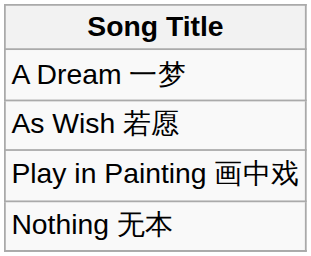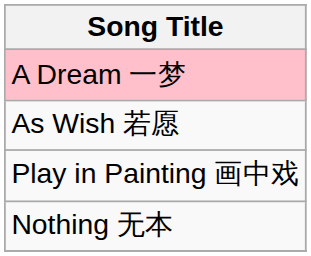 <table class="wikitable">
 <tr>
 <th>Song Title</th>
 </tr>
 <tr>
-<td>A Dream 一梦</td>
+<td style="background: pink;">A Dream 一梦</td>
 </tr>
 <tr>
 <td>As Wish 若愿</td>
 </tr>
 <tr>
 <td>Play in Painting 画中戏</td>
 </tr>
 <tr>
 <td>Nothing 无本</td>
 </tr>
 <tr>
 </tr>
 </table>
